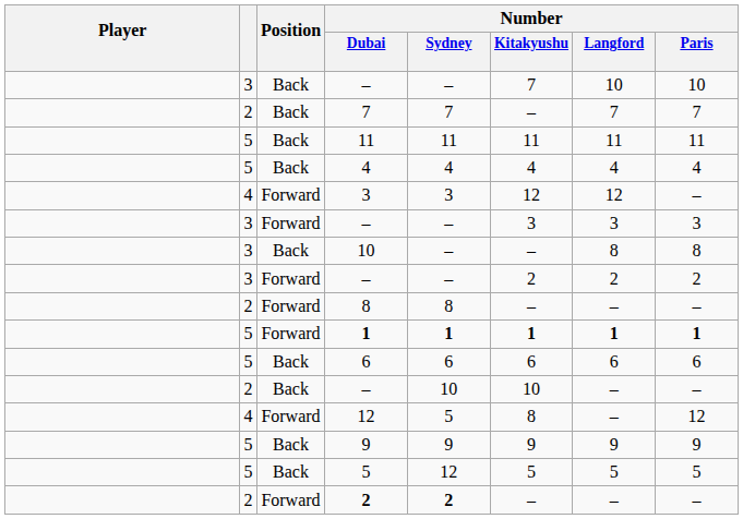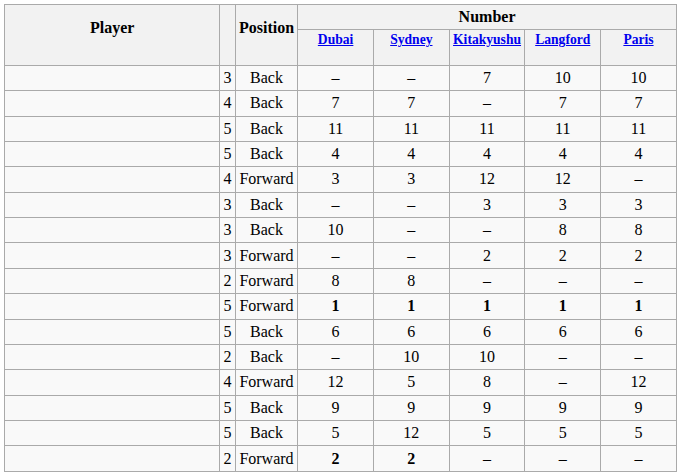 <table class="wikitable sortable" style="text-align:center;">
 <tr>
 <th rowspan="2" style="border-bottom:0; width:13em;">Player</th>
 <th rowspan="2" style="border-bottom:0;"></th>
 <th rowspan="2" style="border-bottom:0;">Position</th>
 <th colspan=5>Number</th>
 </tr>
 <tr>
 <th style="vertical-align:top; width:5.2em; border-bottom:0; padding:2px; font-size:85%;"><a href='#'>Dubai</a></th>
 <th style="vertical-align:top; width:5.2em; border-bottom:0; padding:2px; font-size:85%;"><a href='#'>Sydney</a></th>
 <th style="vertical-align:top; width:5.2em; border-bottom:0; padding:2px; font-size:85%;"><a href='#'>Kitakyushu</a></th>
 <th style="vertical-align:top; width:5.2em; border-bottom:0; padding:2px; font-size:85%;"><a href='#'>Langford</a></th>
 <th style="vertical-align:top; width:5.2em; border-bottom:0; padding:2px; font-size:85%;"><a href='#'>Paris</a></th>
 </tr>
 <tr style="line-height:8px;">
 <th style="border-top:0;"> </th>
 <th style="border-top:0;"></th>
 <th style="border-top:0;"></th>
 <th data-sort-type="number" style="border-top:0;"></th>
 <th data-sort-type="number" style="border-top:0;"></th>
 <th data-sort-type="number" style="border-top:0;"></th>
 <th data-sort-type="number" style="border-top:0;"></th>
 <th data-sort-type="number" style="border-top:0;"></th>
 </tr>
 <tr>
 <td align=left></td>
 <td>3</td>
 <td>Back</td>
 <td>–</td>
 <td>–</td>
 <td>7</td>
 <td>10</td>
 <td>10</td>
 </tr>
 <tr>
 <td align=left></td>
-<td>2</td>
+<td>4</td>
 <td>Back</td>
 <td>7</td>
 <td>7</td>
 <td>–</td>
 <td>7</td>
 <td>7</td>
 </tr>
 <tr>
 <td align=left></td>
 <td>5</td>
 <td>Back</td>
 <td>11</td>
 <td>11</td>
 <td>11</td>
 <td>11</td>
 <td>11</td>
 </tr>
 <tr>
 <td align=left></td>
 <td>5</td>
 <td>Back</td>
 <td>4</td>
 <td>4</td>
 <td>4</td>
 <td>4</td>
 <td>4</td>
 </tr>
 <tr>
 <td align=left></td>
 <td>4</td>
 <td>Forward</td>
 <td>3</td>
 <td>3</td>
 <td>12</td>
 <td>12</td>
 <td>–</td>
 </tr>
 <tr>
 <td align=left></td>
 <td>3</td>
-<td>Forward</td>
+<td>Back</td>
 <td>–</td>
 <td>–</td>
 <td>3</td>
 <td>3</td>
 <td>3</td>
 </tr>
 <tr>
 <td align=left></td>
 <td>3</td>
 <td>Back</td>
 <td>10</td>
 <td>–</td>
 <td>–</td>
 <td>8</td>
 <td>8</td>
 </tr>
 <tr>
 <td align=left></td>
 <td>3</td>
 <td>Forward</td>
 <td>–</td>
 <td>–</td>
 <td>2</td>
 <td>2</td>
 <td>2</td>
 </tr>
 <tr>
 <td align=left></td>
 <td>2</td>
 <td>Forward</td>
 <td>8</td>
 <td>8</td>
 <td>–</td>
 <td>–</td>
 <td>–</td>
 </tr>
 <tr>
 <td align=left></td>
 <td>5</td>
 <td>Forward</td>
 <td><strong>1</strong></td>
 <td><strong>1</strong></td>
 <td><strong>1</strong></td>
 <td><strong>1</strong></td>
 <td><strong>1</strong></td>
 </tr>
 <tr>
 <td align=left></td>
 <td>5</td>
 <td>Back</td>
 <td>6</td>
 <td>6</td>
 <td>6</td>
 <td>6</td>
 <td>6</td>
 </tr>
 <tr>
 <td align=left></td>
 <td>2</td>
 <td>Back</td>
 <td>–</td>
 <td>10</td>
 <td>10</td>
 <td>–</td>
 <td>–</td>
 </tr>
 <tr>
 <td align=left></td>
 <td>4</td>
 <td>Forward</td>
 <td>12</td>
 <td>5</td>
 <td>8</td>
 <td>–</td>
 <td>12</td>
 </tr>
 <tr>
 <td align=left></td>
 <td>5</td>
 <td>Back</td>
 <td>9</td>
 <td>9</td>
 <td>9</td>
 <td>9</td>
 <td>9</td>
 </tr>
 <tr>
 <td align=left></td>
 <td>5</td>
 <td>Back</td>
 <td>5</td>
 <td>12</td>
 <td>5</td>
 <td>5</td>
 <td>5</td>
 </tr>
 <tr>
 <td align=left></td>
 <td>2</td>
 <td>Forward</td>
 <td><strong>2</strong></td>
 <td><strong>2</strong></td>
 <td>–</td>
 <td>–</td>
 <td>–</td>
 </tr>
 </table>
